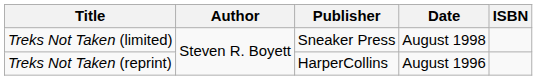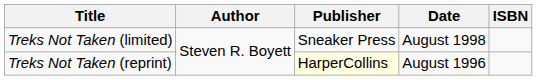 <table class="wikitable">
 <tr>
 <th>Title</th>
 <th>Author</th>
 <th>Publisher</th>
 <th>Date</th>
 <th>ISBN</th>
 </tr>
 <tr>
 <td><em>Treks Not Taken</em> (limited)</td>
 <td rowspan="2">Steven R. Boyett</td>
 <td>Sneaker Press</td>
 <td>August 1998</td>
 <td></td>
 </tr>
 <tr>
 <td><em>Treks Not Taken</em> (reprint)</td>
-<td>HarperCollins</td>
+<td style="background: lightyellow;">HarperCollins</td>
 <td>August 1996</td>
 <td></td>
 </tr>
 </table>
